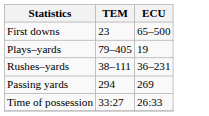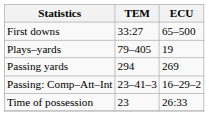 <table class="wikitable" style="float: left;">
 <tr>
 <th>Statistics</th>
 <th>TEM</th>
 <th>ECU</th>
 </tr>
 <tr>
 <td>First downs</td>
-<td>23</td>
+<td>33:27</td>
 <td>65–500</td>
 </tr>
 <tr>
 <td>Plays–yards</td>
 <td>79–405</td>
 <td>19</td>
 </tr>
 <tr>
-<td>Rushes–yards</td>
-<td>38–111</td>
-<td>36–231</td>
-</tr>
-<tr>
 <td>Passing yards</td>
 <td>294</td>
 <td>269</td>
 </tr>
 <tr>
+<td>Passing: Comp–Att–Int</td>
+<td>23–41–3</td>
+<td>16–29–2</td>
+</tr>
+<tr>
 <td>Time of possession</td>
-<td>33:27</td>
+<td>23</td>
 <td>26:33</td>
 </tr>
 <tr>
 </tr>
 </table>
